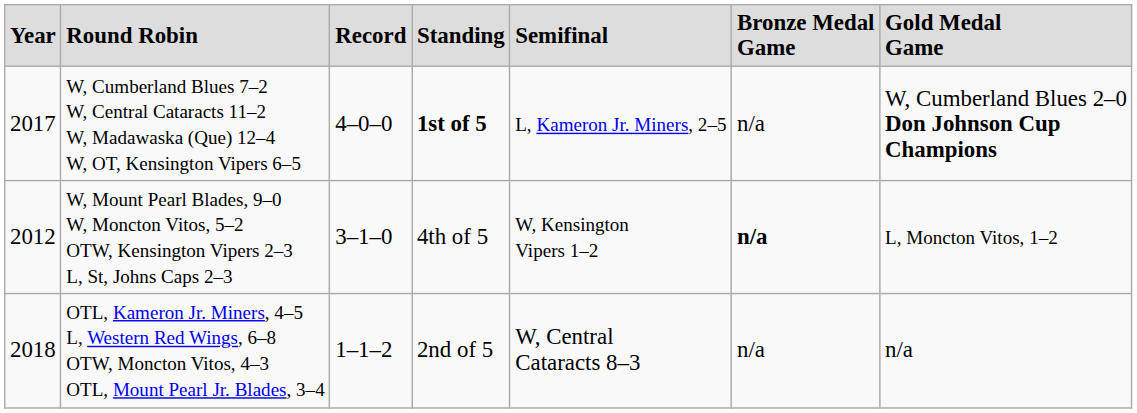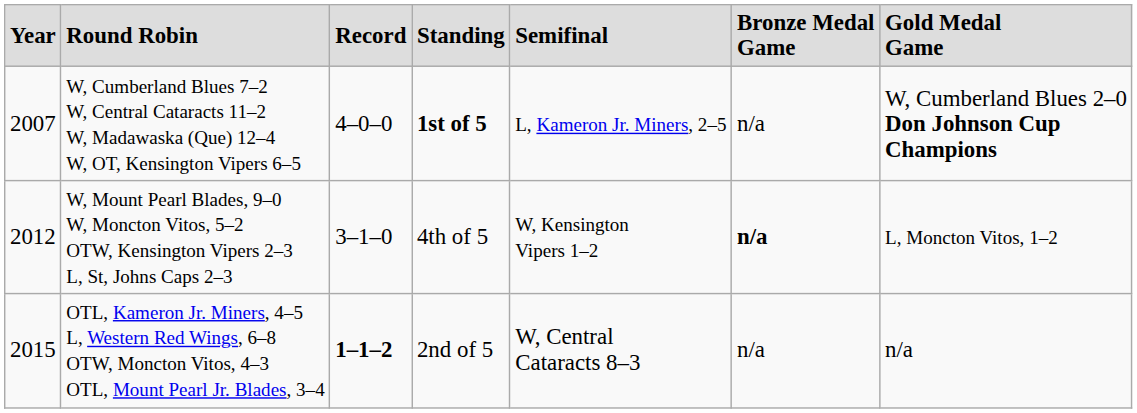 <table class="wikitable">
 <tr style="font-weight:bold; background-color:#dddddd;" |>
 <td>Year</td>
 <td>Round Robin</td>
 <td>Record</td>
 <td>Standing</td>
 <td>Semifinal</td>
 <td>Bronze Medal<br> Game</td>
 <td>Gold Medal<br> Game</td>
 </tr>
 <tr>
-<td>2017</td>
+<td>2007</td>
 <td><small> W, Cumberland Blues 7–2<br>W, Central Cataracts 11–2<br>W, Madawaska (Que) 12–4<br>W, OT, Kensington Vipers 6–5</small></td>
 <td>4–0–0</td>
 <td><strong>1st of 5</strong></td>
 <td><small>L, <a href='#'>Kameron Jr. Miners</a>, 2–5</small></td>
 <td>n/a</td>
 <td>W, Cumberland Blues 2–0<br><strong>Don Johnson Cup<br> Champions</strong></td>
 </tr>
 <tr>
 <td>2012</td>
 <td><small> W, Mount Pearl Blades, 9–0<br>W, Moncton Vitos, 5–2<br>OTW, Kensington Vipers 2–3<br>L, St, Johns Caps 2–3</small></td>
 <td>3–1–0</td>
 <td>4th of 5</td>
 <td><small>W, Kensington<br>Vipers  1–2</small></td>
 <td><strong>n/a</strong></td>
 <td><small>L, Moncton Vitos, 1–2</small></td>
 </tr>
 <tr>
-<td>2018</td>
+<td>2015</td>
 <td><small> OTL, <a href='#'>Kameron Jr. Miners</a>, 4–5<br>L, <a href='#'>Western Red Wings</a>, 6–8<br>OTW, Moncton Vitos, 4–3<br>OTL, <a href='#'>Mount Pearl Jr. Blades</a>, 3–4</small></td>
-<td>1–1–2</td>
+<td><strong>1–1–2</strong></td>
 <td>2nd of 5</td>
 <td>W, Central<br> Cataracts 8–3</td>
 <td>n/a</td>
 <td>n/a</td>
 </tr>
 </table>
